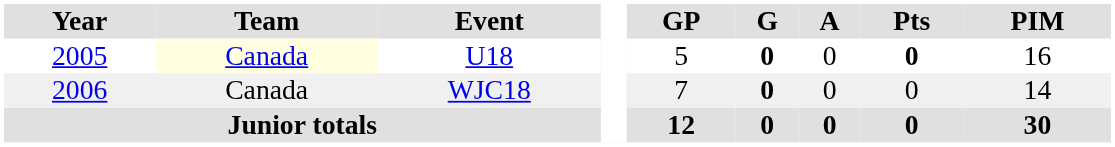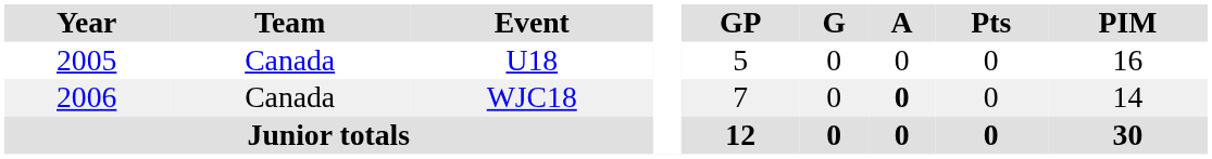 <table border="0" cellpadding="1" cellspacing="0" style="text-align:center; width:40em">
 <tr ALIGN="center" bgcolor="#e0e0e0">
 <th>Year</th>
 <th>Team</th>
 <th>Event</th>
 <th rowspan="99" bgcolor="#ffffff"> </th>
 <th>GP</th>
 <th>G</th>
 <th>A</th>
 <th>Pts</th>
 <th>PIM</th>
 </tr>
 <tr>
 <td><a href='#'>2005</a></td>
-<td style="background: lightyellow;"><a href='#'>Canada</a></td>
+<td><a href='#'>Canada</a></td>
 <td><a href='#'>U18</a></td>
 <td>5</td>
-<td><strong>0</strong></td>
 <td>0</td>
-<td><strong>0</strong></td>
+<td>0</td>
+<td>0</td>
 <td>16</td>
 </tr>
 <tr bgcolor="#f0f0f0">
 <td><a href='#'>2006</a></td>
 <td>Canada</td>
 <td><a href='#'>WJC18</a></td>
 <td>7</td>
+<td>0</td>
 <td><strong>0</strong></td>
-<td>0</td>
 <td>0</td>
 <td>14</td>
 </tr>
 <tr bgcolor="#e0e0e0">
 <th colspan="3">Junior totals</th>
 <th>12</th>
 <th>0</th>
 <th>0</th>
 <th>0</th>
 <th>30</th>
 </tr>
 </table>
